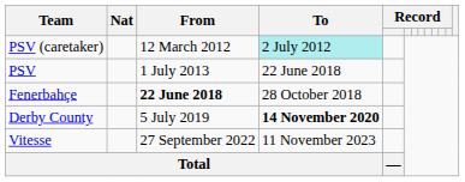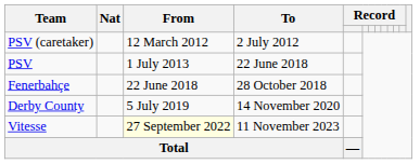 <table class="wikitable" style="text-align: center">
 <tr>
 <th rowspan="2">Team</th>
 <th rowspan="2">Nat</th>
 <th rowspan="2">From</th>
 <th rowspan="2">To</th>
 <th colspan="8">Record</th>
 <th rowspan=2></th>
 </tr>
 <tr>
 <th></th>
 <th></th>
 <th></th>
 <th></th>
 <th></th>
 <th></th>
 <th></th>
 <th></th>
 </tr>
 <tr>
 <td align=left><a href='#'>PSV</a> (caretaker)</td>
 <td></td>
 <td align=left>12 March 2012</td>
-<td align=left style="background: paleturquoise;">2 July 2012<br></td>
+<td align=left>2 July 2012<br></td>
 <td></td>
 </tr>
 <tr>
 <td align=left><a href='#'>PSV</a></td>
 <td></td>
 <td align=left>1 July 2013</td>
 <td align=left>22 June 2018<br></td>
 <td></td>
 </tr>
 <tr>
 <td align=left><a href='#'>Fenerbahçe</a></td>
 <td></td>
-<td align=left><strong>22 June 2018</strong></td>
+<td align=left>22 June 2018</td>
 <td align=left>28 October 2018<br></td>
 <td></td>
 </tr>
 <tr>
 <td align=left><a href='#'>Derby County</a></td>
 <td></td>
 <td align=left>5 July 2019</td>
-<td align=left><strong>14 November 2020<br></strong></td>
+<td align=left>14 November 2020<br></td>
 <td></td>
 </tr>
 <tr>
 <td align=left><a href='#'>Vitesse</a></td>
 <td></td>
-<td align=left>27 September 2022</td>
+<td align=left style="background: lightyellow;">27 September 2022</td>
 <td align=left>11 November 2023<br></td>
 <td></td>
 </tr>
 <tr>
 <th colspan="4">Total<br></th>
 <th>—</th>
 </tr>
 </table>
